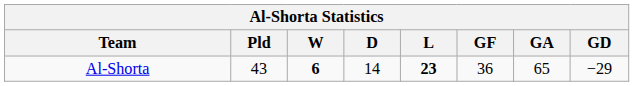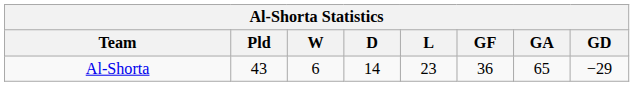 <table width=70% class="wikitable" style="text-align:">
 <tr>
 <th colspan=9>Al-Shorta Statistics</th>
 </tr>
 <tr>
 <th width=20%>Team</th>
 <th width=5%>Pld</th>
 <th width=5%>W</th>
 <th width=5%>D</th>
 <th width=5%>L</th>
 <th width=5%>GF</th>
 <th width=5%>GA</th>
 <th width=5%>GD</th>
 </tr>
 <tr align=center>
 <td align=center> <a href='#'>Al-Shorta</a></td>
 <td>43</td>
-<td><strong>6</strong></td>
+<td>6</td>
 <td>14</td>
-<td><strong>23</strong></td>
+<td>23</td>
 <td>36</td>
 <td>65</td>
 <td>−29</td>
 </tr>
 </table>
